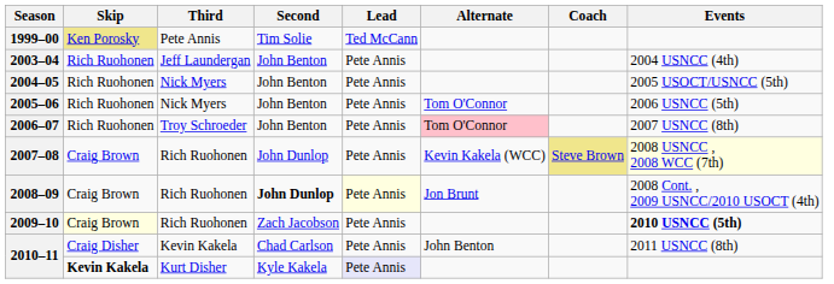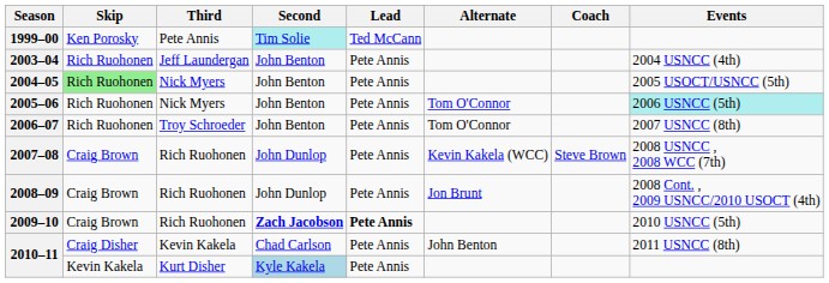 <table class="wikitable">
 <tr>
 <th scope="col" width=60>Season</th>
 <th scope="col">Skip</th>
 <th scope="col">Third</th>
 <th scope="col">Second</th>
 <th scope="col">Lead</th>
 <th scope="col">Alternate</th>
 <th scope="col">Coach</th>
 <th scope="col">Events</th>
 </tr>
 <tr>
 <th scope="row">1999–00</th>
-<td style="background: khaki;"><a href='#'>Ken Porosky</a></td>
+<td><a href='#'>Ken Porosky</a></td>
 <td>Pete Annis</td>
-<td><a href='#'>Tim Solie</a></td>
+<td style="background: paleturquoise;"><a href='#'>Tim Solie</a></td>
 <td><a href='#'>Ted McCann</a></td>
 <td></td>
 <td></td>
 <td></td>
 </tr>
 <tr>
 <th scope="row">2003–04</th>
 <td><a href='#'>Rich Ruohonen</a></td>
 <td><a href='#'>Jeff Laundergan</a></td>
 <td><a href='#'>John Benton</a></td>
 <td>Pete Annis</td>
 <td></td>
 <td></td>
 <td>2004 <a href='#'>USNCC</a> (4th)</td>
 </tr>
 <tr>
 <th scope="row">2004–05</th>
-<td>Rich Ruohonen</td>
+<td style="background: lightgreen;">Rich Ruohonen</td>
 <td><a href='#'>Nick Myers</a></td>
 <td>John Benton</td>
 <td>Pete Annis</td>
 <td></td>
 <td></td>
 <td>2005 <a href='#'>USOCT/USNCC</a> (5th)</td>
 </tr>
 <tr>
 <th scope="row">2005–06</th>
 <td>Rich Ruohonen</td>
 <td>Nick Myers</td>
 <td>John Benton</td>
 <td>Pete Annis</td>
 <td><a href='#'>Tom O'Connor</a></td>
 <td></td>
-<td>2006 <a href='#'>USNCC</a> (5th)</td>
+<td style="background: paleturquoise;">2006 <a href='#'>USNCC</a> (5th)</td>
 </tr>
 <tr>
 <th scope="row">2006–07</th>
 <td>Rich Ruohonen</td>
 <td><a href='#'>Troy Schroeder</a></td>
 <td>John Benton</td>
 <td>Pete Annis</td>
-<td style="background: pink;">Tom O'Connor</td>
+<td>Tom O'Connor</td>
 <td></td>
 <td>2007 <a href='#'>USNCC</a> (8th)</td>
 </tr>
 <tr>
 <th scope="row">2007–08</th>
 <td><a href='#'>Craig Brown</a></td>
 <td>Rich Ruohonen</td>
 <td><a href='#'>John Dunlop</a></td>
 <td>Pete Annis</td>
 <td><a href='#'>Kevin Kakela</a> (WCC)</td>
-<td style="background: khaki;"><a href='#'>Steve Brown</a></td>
-<td style="background: lightyellow;">2008 <a href='#'>USNCC</a> ,<br><a href='#'>2008 WCC</a> (7th)</td>
+<td><a href='#'>Steve Brown</a></td>
+<td>2008 <a href='#'>USNCC</a> ,<br><a href='#'>2008 WCC</a> (7th)</td>
 </tr>
 <tr>
 <th scope="row">2008–09</th>
 <td>Craig Brown</td>
 <td>Rich Ruohonen</td>
-<td><strong>John Dunlop</strong></td>
-<td style="background: lightyellow;">Pete Annis</td>
+<td>John Dunlop</td>
+<td>Pete Annis</td>
 <td><a href='#'>Jon Brunt</a></td>
 <td></td>
 <td>2008 <a href='#'>Cont.</a> ,<br><a href='#'>2009 USNCC/2010 USOCT</a> (4th)</td>
 </tr>
 <tr>
 <th scope="row">2009–10</th>
-<td style="background: lightyellow;">Craig Brown</td>
+<td>Craig Brown</td>
 <td>Rich Ruohonen</td>
-<td><a href='#'>Zach Jacobson</a></td>
-<td>Pete Annis</td>
+<td><strong><a href='#'>Zach Jacobson</a></strong></td>
+<td><strong>Pete Annis</strong></td>
 <td></td>
 <td></td>
-<td><strong>2010 <a href='#'>USNCC</a> (5th)</strong></td>
+<td>2010 <a href='#'>USNCC</a> (5th)</td>
 </tr>
 <tr>
 <th scope="row" rowspan=2>2010–11</th>
 <td><a href='#'>Craig Disher</a></td>
 <td>Kevin Kakela</td>
 <td><a href='#'>Chad Carlson</a></td>
 <td>Pete Annis</td>
 <td>John Benton</td>
 <td></td>
 <td>2011 <a href='#'>USNCC</a> (8th)</td>
 </tr>
 <tr>
-<td><strong>Kevin Kakela</strong></td>
+<td>Kevin Kakela</td>
 <td><a href='#'>Kurt Disher</a></td>
-<td><a href='#'>Kyle Kakela</a></td>
-<td style="background: lavender;">Pete Annis</td>
+<td style="background: lightblue;"><a href='#'>Kyle Kakela</a></td>
+<td>Pete Annis</td>
 <td></td>
 <td></td>
 <td></td>
 </tr>
 </table>
